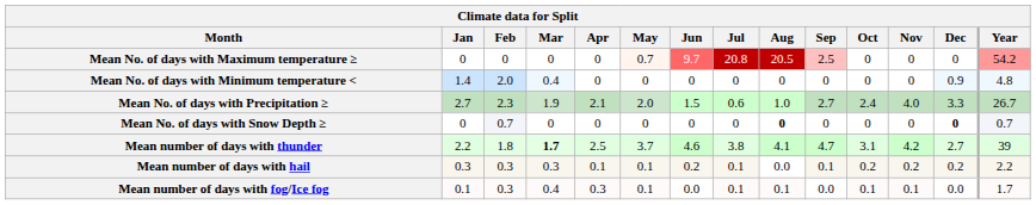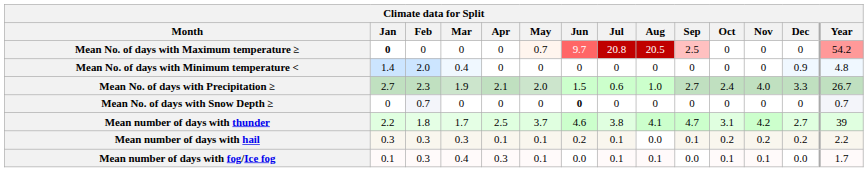 <table style="width:100%;text-align:center;line-height:1.2em;margin-left:auto;margin-right:auto" class="wikitable mw-collapsible">
 <tr>
 <th Colspan=14>Climate data for Split</th>
 </tr>
 <tr>
 <th>Month</th>
 <th>Jan</th>
 <th>Feb</th>
 <th>Mar</th>
 <th>Apr</th>
 <th>May</th>
 <th>Jun</th>
 <th>Jul</th>
 <th>Aug</th>
 <th>Sep</th>
 <th>Oct</th>
 <th>Nov</th>
 <th>Dec</th>
 <th style="border-left-width:medium">Year</th>
 </tr>
 <tr>
 <th>Mean No. of days with Maximum temperature ≥ </th>
-<td style="background:#ffffff;color:#000000;">0</td>
+<td style="background:#ffffff;color:#000000;"><strong>0</strong></td>
 <td style="background:#ffffff;color:#000000;">0</td>
 <td style="background:#ffffff;color:#000000;">0</td>
 <td style="background:#ffffff;color:#000000;">0</td>
 <td style="background:#FFF5EE;color:#000000;">0.7</td>
 <td style="background:#FF6666;color:#ffffff;">9.7</td>
 <td style="background:#C00000;color:#ffffff;">20.8</td>
 <td style="background:#C00000;color:#ffffff;">20.5</td>
 <td style="background:#FFC0C0;color:#000000;">2.5</td>
 <td style="background:#ffffff;color:#000000;">0</td>
 <td style="background:#ffffff;color:#000000;">0</td>
 <td style="background:#ffffff;color:#000000;">0</td>
 <td style="background:#FF9999;color:#000000;border-left-width:medium">54.2</td>
 </tr>
 <tr>
 <th>Mean No. of days with Minimum temperature < </th>
 <td style="background:#CCE5FF;color:#000000;">1.4</td>
 <td style="background:#CCE5FF;color:#000000;">2.0</td>
 <td style="background:#F0F8FF;color:#000000;">0.4</td>
 <td style="background:#FFFFFF;color:#000000;">0</td>
 <td style="background:#FFFFFF;color:#000000;">0</td>
 <td style="background:#FFFFFF;color:#000000;">0</td>
 <td style="background:#FFFFFF;color:#000000;">0</td>
 <td style="background:#FFFFFF;color:#000000;">0</td>
 <td style="background:#FFFFFF;color:#000000;">0</td>
 <td style="background:#FFFFFF;color:#000000;">0</td>
 <td style="background:#FFFFFF;color:#000000;">0</td>
 <td style="background:#F0F8FF;color:#000000;">0.9</td>
 <td style="background:#F0F8FF;color:#000000;border-left-width:medium">4.8</td>
 </tr>
 <tr>
 <th>Mean No. of days with Precipitation ≥ </th>
 <td style="background:#C0E0C0;color:#000000;">2.7</td>
 <td style="background:#C0E0C0;color:#000000;">2.3</td>
 <td style="background:#CCE5CC;color:#000000;">1.9</td>
 <td style="background:#C0E0C0;color:#000000;">2.1</td>
 <td style="background:#CCE5CC;color:#000000;">2.0</td>
 <td style="background:#CCFFCC;color:#000000;">1.5</td>
 <td style="background:#CCFFCC;color:#000000;">0.6</td>
 <td style="background:#CCFFCC;color:#000000;">1.0</td>
 <td style="background:#C0E0C0;color:#000000;">2.7</td>
 <td style="background:#C0E0C0;color:#000000;">2.4</td>
 <td style="background:#C0E0C0;color:#000000;">4.0</td>
 <td style="background:#C0E0C0;color:#000000;">3.3</td>
 <td style="background:#C0E0C0;color:#000000;border-left-width:medium">26.7</td>
 </tr>
 <tr>
 <th>Mean No. of days with Snow Depth ≥ </th>
 <td style="background:#FFFFFF;color:#000000;">0</td>
 <td style="background:#F4F5FA;color:#000000;">0.7</td>
 <td style="background:#FFFFFF;color:#000000;">0</td>
 <td style="background:#FFFFFF;color:#000000;">0</td>
 <td style="background:#FFFFFF;color:#000000;">0</td>
-<td style="background:#FFFFFF;color:#000000;">0</td>
-<td style="background:#FFFFFF;color:#000000;">0</td>
 <td style="background:#FFFFFF;color:#000000;"><strong>0</strong></td>
 <td style="background:#FFFFFF;color:#000000;">0</td>
 <td style="background:#FFFFFF;color:#000000;">0</td>
 <td style="background:#FFFFFF;color:#000000;">0</td>
-<td style="background:#FFFFFF;color:#000000;"><strong>0</strong></td>
+<td style="background:#FFFFFF;color:#000000;">0</td>
+<td style="background:#FFFFFF;color:#000000;">0</td>
+<td style="background:#FFFFFF;color:#000000;">0</td>
 <td style="background:#F4F5FA;color:#000000;border-left-width:medium">0.7</td>
 </tr>
 <tr>
 <th>Mean number of days with <a href='#'>thunder</a></th>
 <td style="background:#E0FFE0;color:#000000;">2.2</td>
 <td style="background:#E5FFE5;color:#000000;">1.8</td>
-<td style="background:#E5FFE5;color:#000000;"><strong>1.7</strong></td>
+<td style="background:#E5FFE5;color:#000000;">1.7</td>
 <td style="background:#E0FFE0;color:#000000;">2.5</td>
 <td style="background:#E0FFE0;color:#000000;">3.7</td>
 <td style="background:#CCFFCC;color:#000000;">4.6</td>
 <td style="background:#E0FFE0;color:#000000;">3.8</td>
 <td style="background:#CCFFCC;color:#000000;">4.1</td>
 <td style="background:#CCFFCC;color:#000000;">4.7</td>
 <td style="background:#E0FFE0;color:#000000;">3.1</td>
 <td style="background:#CCFFCC;color:#000000;">4.2</td>
 <td style="background:#E0FFE0;color:#000000;">2.7</td>
 <td style="background:#E0FFE0;color:#000000;border-left-width:medium">39</td>
 </tr>
 <tr>
 <th>Mean number of days with <a href='#'>hail</a></th>
 <td style="background:#F9F6EE;color:#000000;">0.3</td>
 <td style="background:#F9F6EE;color:#000000;">0.3</td>
 <td style="background:#F9F6EE;color:#000000;">0.3</td>
 <td style="background:#F9F6EE;color:#000000;">0.1</td>
 <td style="background:#F9F6EE;color:#000000;">0.1</td>
 <td style="background:#F9F6EE;color:#000000;">0.2</td>
 <td style="background:#F9F6EE;color:#000000;">0.1</td>
 <td style="background:#FFFFFF;color:#000000;">0.0</td>
 <td style="background:#F9F6EE;color:#000000;">0.1</td>
 <td style="background:#F9F6EE;color:#000000;">0.2</td>
 <td style="background:#F9F6EE;color:#000000;">0.2</td>
 <td style="background:#F9F6EE;color:#000000;">0.2</td>
 <td style="background:#F9F6EE;color:#000000;border-left-width:medium">2.2</td>
 </tr>
 <tr>
 <th>Mean number of days with <a href='#'>fog</a>/<a href='#'>Ice fog</a></th>
 <td style="background:#FFFAFA;color:#000000;">0.1</td>
 <td style="background:#FFFAFA;color:#000000;">0.3</td>
 <td style="background:#FFFAFA;color:#000000;">0.4</td>
 <td style="background:#FFFAFA;color:#000000;">0.3</td>
 <td style="background:#FFFAFA;color:#000000;">0.1</td>
 <td style="background:#FFFFFF;color:#000000;">0.0</td>
 <td style="background:#FFFAFA;color:#000000;">0.1</td>
 <td style="background:#FFFAFA;color:#000000;">0.1</td>
 <td style="background:#FFFFFF;color:#000000;">0.0</td>
 <td style="background:#FFFAFA;color:#000000;">0.1</td>
 <td style="background:#FFFAFA;color:#000000;">0.1</td>
 <td style="background:#FFFFFF;color:#000000;">0.0</td>
 <td style="background:#FFFAFA;color:#000000;border-left-width:medium">1.7</td>
 </tr>
 </table>
